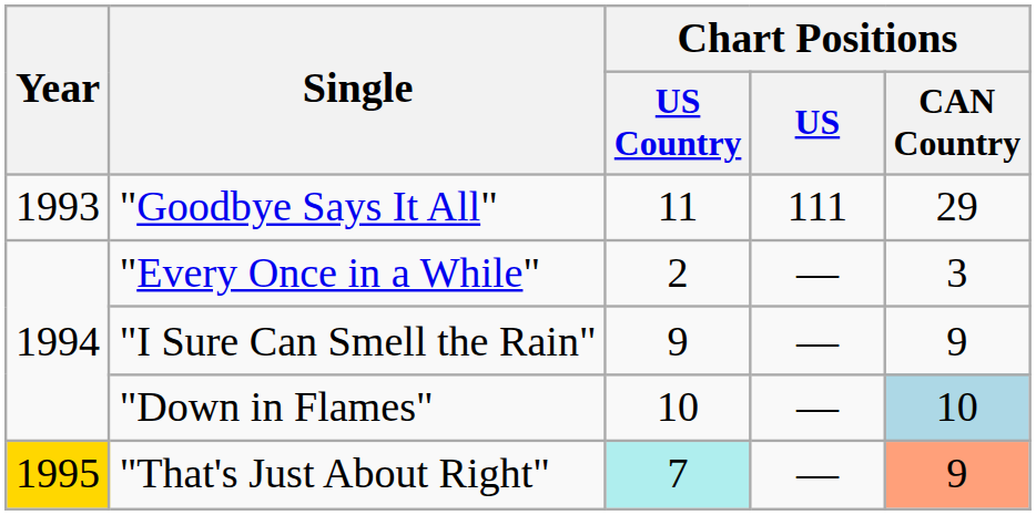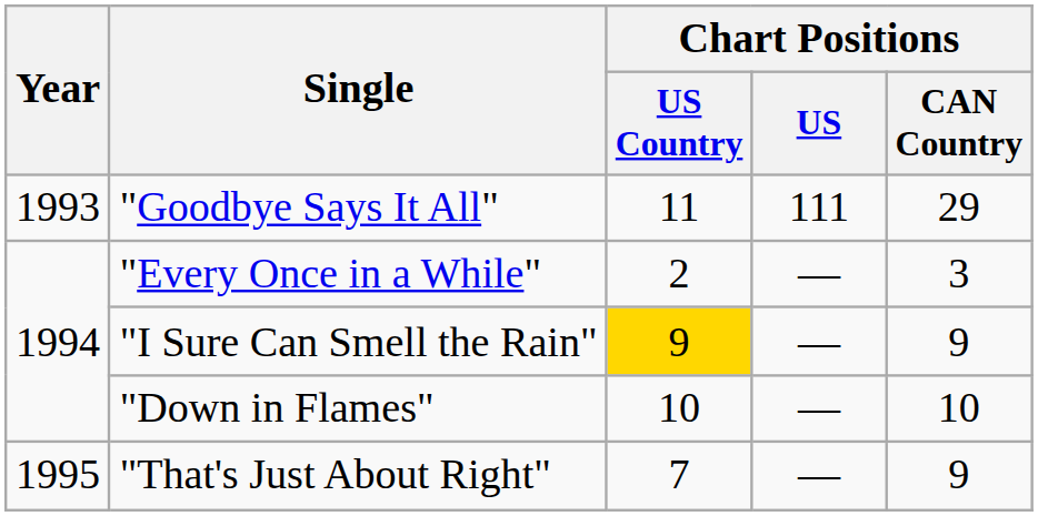 <table class="wikitable" style="text-align:center;">
 <tr>
 <th rowspan="2">Year</th>
 <th rowspan="2">Single</th>
 <th colspan="3">Chart Positions</th>
 </tr>
 <tr style="font-size:smaller;">
 <th width="45"><a href='#'>US Country</a></th>
 <th width="45"><a href='#'>US</a></th>
 <th width="45">CAN Country</th>
 </tr>
 <tr>
 <td>1993</td>
 <td align="left">"<a href='#'>Goodbye Says It All</a>"</td>
 <td>11</td>
 <td>111</td>
 <td>29</td>
 </tr>
 <tr>
 <td rowspan="3">1994</td>
 <td align="left">"<a href='#'>Every Once in a While</a>"</td>
 <td>2</td>
 <td>—</td>
 <td>3</td>
 </tr>
 <tr>
 <td align="left">"I Sure Can Smell the Rain"</td>
-<td>9</td>
+<td style="background: gold;">9</td>
 <td>—</td>
 <td>9</td>
 </tr>
 <tr>
 <td align="left">"Down in Flames"</td>
 <td>10</td>
 <td>—</td>
-<td style="background: lightblue;">10</td>
+<td>10</td>
 </tr>
 <tr>
-<td style="background: gold;">1995</td>
+<td>1995</td>
 <td align="left">"That's Just About Right"</td>
-<td style="background: paleturquoise;">7</td>
+<td>7</td>
 <td>—</td>
-<td style="background: lightsalmon;">9</td>
+<td>9</td>
 </tr>
 </table>
